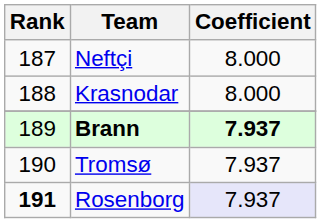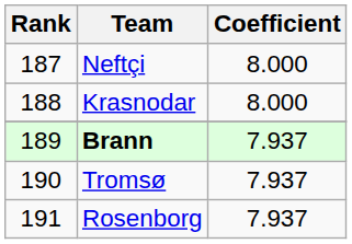 <table class="wikitable" style="text-align: center;">
 <tr>
 <th>Rank</th>
 <th>Team</th>
 <th>Coefficient</th>
 </tr>
 <tr>
 <td>187</td>
 <td align=left> <a href='#'>Neftçi</a></td>
 <td>8.000</td>
 </tr>
 <tr>
 <td>188</td>
 <td align=left> <a href='#'>Krasnodar</a></td>
 <td>8.000</td>
 </tr>
 <tr>
 </tr>
 <tr bgcolor="#ddffdd">
 <td>189</td>
 <td align=left> <strong>Brann</strong></td>
-<td><strong>7.937</strong></td>
+<td>7.937</td>
 </tr>
 <tr>
 <td>190</td>
 <td align=left> <a href='#'>Tromsø</a></td>
 <td>7.937</td>
 </tr>
 <tr>
-<td><strong>191</strong></td>
+<td>191</td>
 <td align=left> <a href='#'>Rosenborg</a></td>
-<td style="background: lavender;">7.937</td>
+<td>7.937</td>
 </tr>
 </table>
